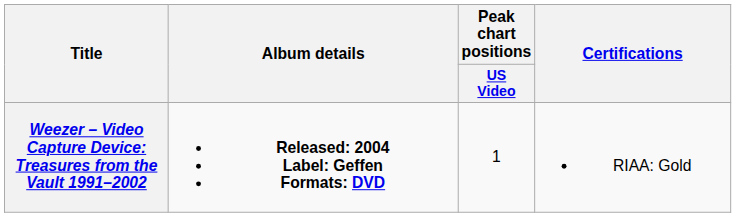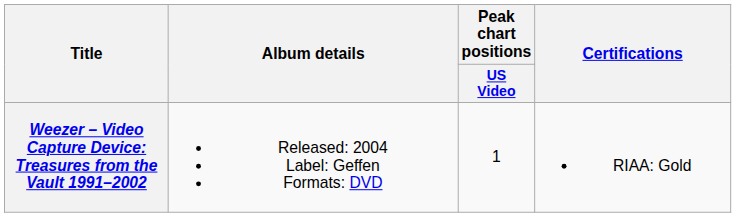 <table class="wikitable plainrowheaders" style="text-align:center;">
 <tr>
 <th scope="col" rowspan="2" style="width:10em;">Title</th>
 <th scope="col" rowspan="2" style="width:18em;">Album details</th>
 <th scope="col">Peak chart positions</th>
 <th scope="col" rowspan="2" style="width:12em;"><a href='#'>Certifications</a></th>
 </tr>
 <tr>
 <th scope="col" style="width:3em;font-size:90%;"><a href='#'>US<br>Video</a><br></th>
 </tr>
 <tr>
 <th scope="row"><em><a href='#'>Weezer – Video Capture Device: Treasures from the Vault 1991–2002</a></em></th>
-<td><strong><br><ul><li>Released: 2004</li><li>Label: Geffen</li><li>Formats: <a href='#'>DVD</a></li></ul></strong></td>
+<td><br><ul><li>Released: 2004</li><li>Label: Geffen</li><li>Formats: <a href='#'>DVD</a></li></ul></td>
 <td>1</td>
 <td><br><ul><li>RIAA: Gold</li></ul></td>
 </tr>
 </table>
